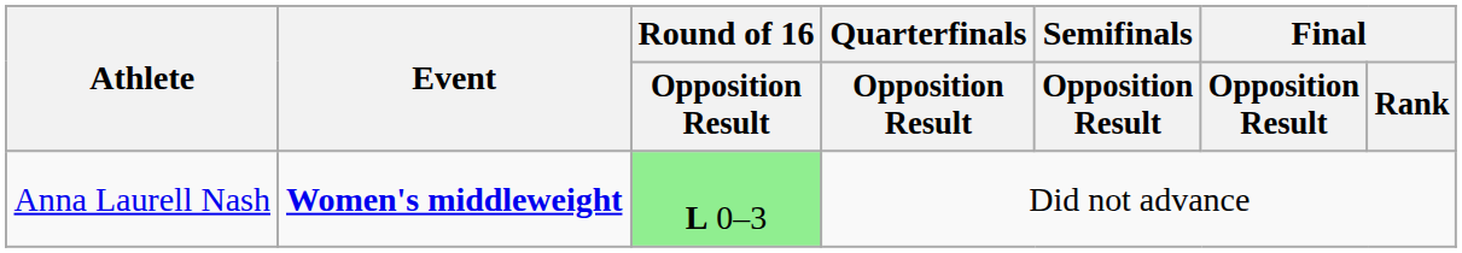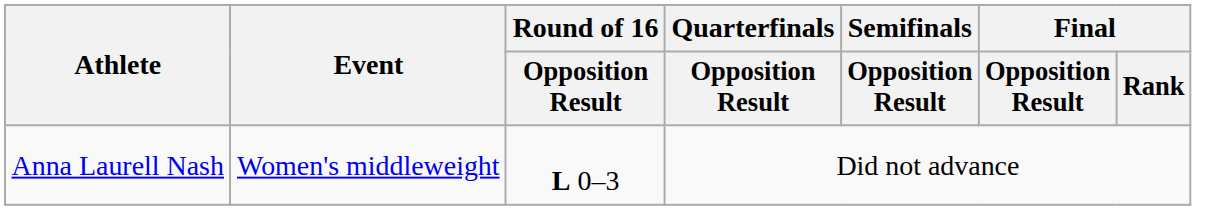 <table class="wikitable" style="font-size:90%">
 <tr>
 <th rowspan="2">Athlete</th>
 <th rowspan="2">Event</th>
 <th>Round of 16</th>
 <th>Quarterfinals</th>
 <th>Semifinals</th>
 <th colspan=2>Final</th>
 </tr>
 <tr style="font-size:95%">
 <th>Opposition<br>Result</th>
 <th>Opposition<br>Result</th>
 <th>Opposition<br>Result</th>
 <th>Opposition<br>Result</th>
 <th>Rank</th>
 </tr>
 <tr align=center>
 <td align=left><a href='#'>Anna Laurell Nash</a></td>
-<td align=left><strong><a href='#'>Women's middleweight</a></strong></td>
-<td style="background: lightgreen;"><br><strong>L</strong> 0–3</td>
+<td align=left><a href='#'>Women's middleweight</a></td>
+<td><br><strong>L</strong> 0–3</td>
 <td colspan=4>Did not advance</td>
 </tr>
 </table>
